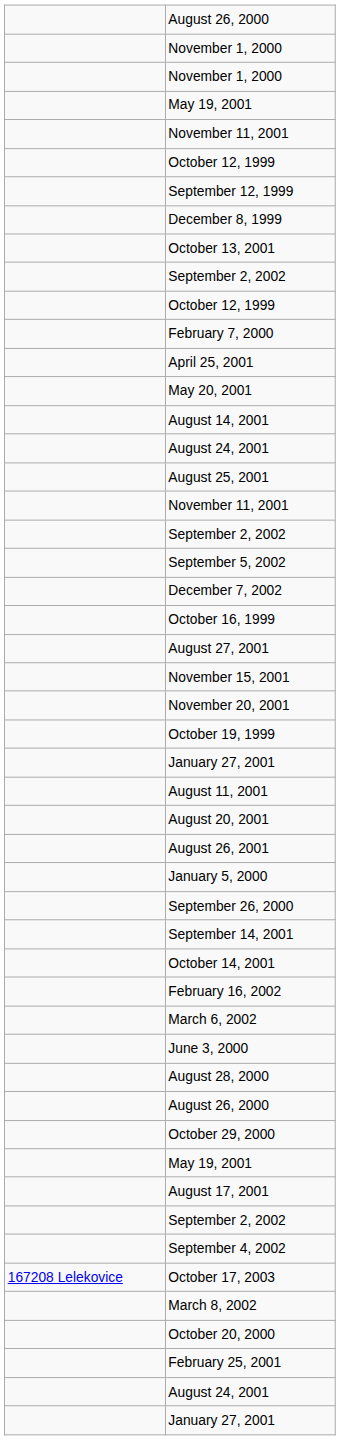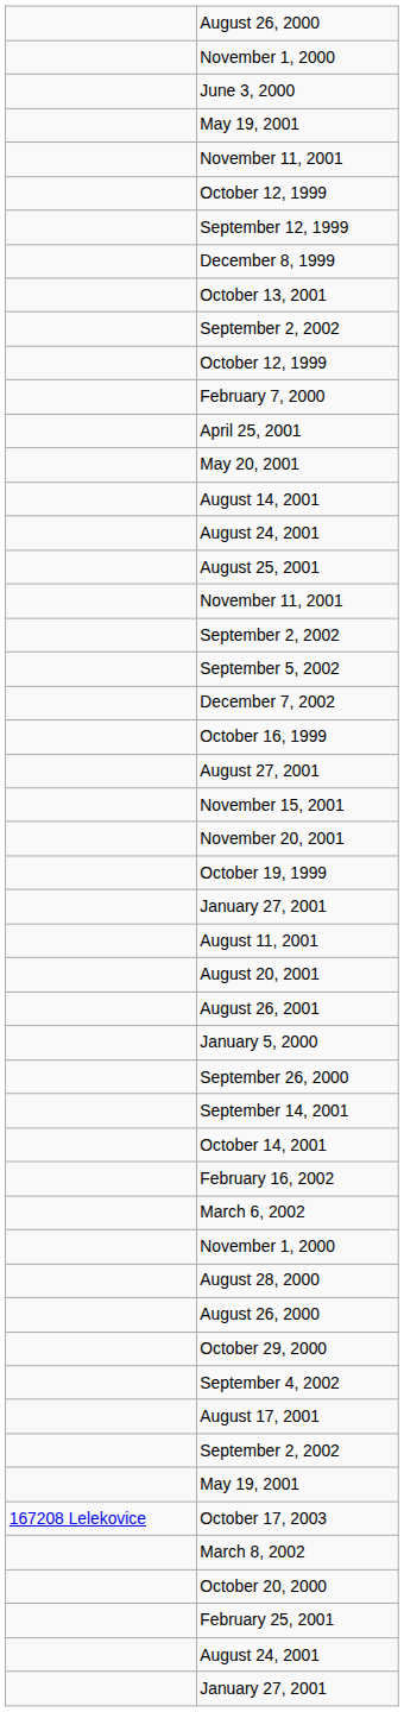 <table class="wikitable" style="font-size: 89%; float: left; width: 24em; margin-right: 1em; line-height: 1.6em !important; height: 1250px;">
 <tr>
 <td> </td>
 <td>August 26, 2000</td>
 </tr>
 <tr>
 <td></td>
 <td>November 1, 2000</td>
 </tr>
 <tr>
 <td> </td>
-<td>November 1, 2000</td>
+<td>June 3, 2000</td>
 </tr>
 <tr>
 <td> </td>
 <td>May 19, 2001</td>
 </tr>
 <tr>
 <td> </td>
 <td>November 11, 2001</td>
 </tr>
 <tr>
 <td> </td>
 <td>October 12, 1999</td>
 </tr>
 <tr>
 <td> </td>
 <td>September 12, 1999</td>
 </tr>
 <tr>
 <td> </td>
 <td>December 8, 1999</td>
 </tr>
 <tr>
 <td> </td>
 <td>October 13, 2001</td>
 </tr>
 <tr>
 <td> </td>
 <td>September 2, 2002</td>
 </tr>
 <tr>
 <td></td>
 <td>October 12, 1999</td>
 </tr>
 <tr>
 <td></td>
 <td>February 7, 2000</td>
 </tr>
 <tr>
 <td> </td>
 <td>April 25, 2001</td>
 </tr>
 <tr>
 <td> </td>
 <td>May 20, 2001</td>
 </tr>
 <tr>
 <td></td>
 <td>August 14, 2001</td>
 </tr>
 <tr>
 <td> </td>
 <td>August 24, 2001</td>
 </tr>
 <tr>
 <td> </td>
 <td>August 25, 2001</td>
 </tr>
 <tr>
 <td> </td>
 <td>November 11, 2001</td>
 </tr>
 <tr>
 <td> </td>
 <td>September 2, 2002</td>
 </tr>
 <tr>
 <td> </td>
 <td>September 5, 2002</td>
 </tr>
 <tr>
 <td> </td>
 <td>December 7, 2002</td>
 </tr>
 <tr>
 <td> </td>
 <td>October 16, 1999</td>
 </tr>
 <tr>
 <td></td>
 <td>August 27, 2001</td>
 </tr>
 <tr>
 <td> </td>
 <td>November 15, 2001</td>
 </tr>
 <tr>
 <td> </td>
 <td>November 20, 2001</td>
 </tr>
 <tr>
 <td> </td>
 <td>October 19, 1999</td>
 </tr>
 <tr>
 <td> </td>
 <td>January 27, 2001</td>
 </tr>
 <tr>
 <td></td>
 <td>August 11, 2001</td>
 </tr>
 <tr>
 <td> </td>
 <td>August 20, 2001</td>
 </tr>
 <tr>
 <td> </td>
 <td>August 26, 2001</td>
 </tr>
 <tr>
 <td> </td>
 <td>January 5, 2000</td>
 </tr>
 <tr>
 <td></td>
 <td>September 26, 2000</td>
 </tr>
 <tr>
 <td></td>
 <td>September 14, 2001</td>
 </tr>
 <tr>
 <td> </td>
 <td>October 14, 2001</td>
 </tr>
 <tr>
 <td> </td>
 <td>February 16, 2002</td>
 </tr>
 <tr>
 <td></td>
 <td>March 6, 2002</td>
 </tr>
 <tr>
 <td> </td>
-<td>June 3, 2000</td>
+<td>November 1, 2000</td>
 </tr>
 <tr>
 <td></td>
 <td>August 28, 2000</td>
 </tr>
 <tr>
 <td> </td>
 <td>August 26, 2000</td>
 </tr>
 <tr>
 <td> </td>
 <td>October 29, 2000</td>
 </tr>
 <tr>
 <td> </td>
-<td>May 19, 2001</td>
+<td>September 4, 2002</td>
 </tr>
 <tr>
 <td> </td>
 <td>August 17, 2001</td>
 </tr>
 <tr>
 <td> </td>
 <td>September 2, 2002</td>
 </tr>
 <tr>
 <td></td>
-<td>September 4, 2002</td>
+<td>May 19, 2001</td>
 </tr>
 <tr>
 <td><a href='#'>167208 Lelekovice</a> </td>
 <td>October 17, 2003</td>
 </tr>
 <tr>
 <td> </td>
 <td>March 8, 2002</td>
 </tr>
 <tr>
 <td></td>
 <td>October 20, 2000</td>
 </tr>
 <tr>
 <td></td>
 <td>February 25, 2001</td>
 </tr>
 <tr>
 <td> </td>
 <td>August 24, 2001</td>
 </tr>
 <tr>
 <td> </td>
 <td>January 27, 2001</td>
 </tr>
 </table>
